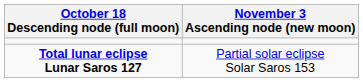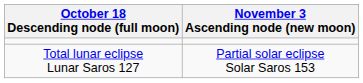 <table class="wikitable">
 <tr>
 <th><a href='#'>October 18</a><br>Descending node (full moon)<br></th>
 <th><a href='#'>November 3</a><br>Ascending node (new moon)<br></th>
 </tr>
 <tr>
 <td></td>
 <td></td>
 </tr>
 <tr align=center>
-<td><strong><a href='#'>Total lunar eclipse</a><br>Lunar Saros 127</strong></td>
+<td><a href='#'>Total lunar eclipse</a><br>Lunar Saros 127</td>
 <td><a href='#'>Partial solar eclipse</a><br>Solar Saros 153</td>
 </tr>
 </table>
